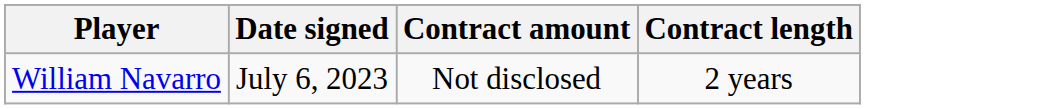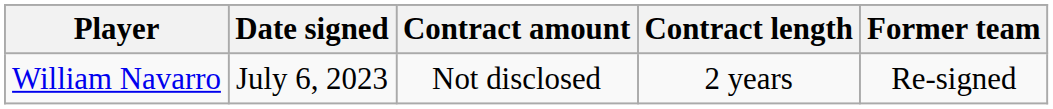 <table class="wikitable sortable sortable">
 <tr>
 <th>Player</th>
 <th>Date signed</th>
 <th>Contract amount</th>
 <th>Contract length</th>
+<th>Former team</th>
 </tr>
 <tr>
 <td align=center><a href='#'>William Navarro</a></td>
 <td align=center>July 6, 2023</td>
 <td align=center>Not disclosed</td>
 <td align=center>2 years</td>
+<td align=center>Re-signed</td>
 </tr>
 </table>
